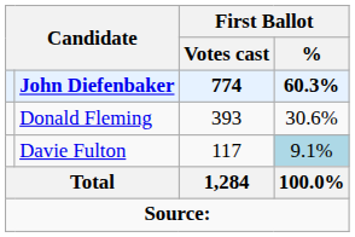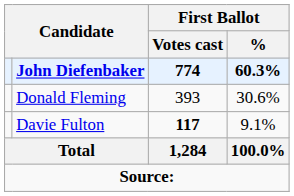 <table class="wikitable">
 <tr>
 <th rowspan="2" colspan="2">Candidate</th>
 <th colspan = "2">First Ballot</th>
 </tr>
 <tr>
 <th>Votes cast</th>
 <th>%</th>
 </tr>
 <tr style="background:#E6F2FF">
 <td></td>
 <td><strong><a href='#'>John Diefenbaker</a></strong></td>
 <td align = "center"><strong>774</strong></td>
 <td align = "center"><strong>60.3%</strong></td>
 </tr>
 <tr>
 <td></td>
 <td><a href='#'>Donald Fleming</a></td>
 <td align = "center">393</td>
 <td align = "center">30.6%</td>
 </tr>
 <tr>
 <td></td>
 <td><a href='#'>Davie Fulton</a></td>
-<td align = "center">117</td>
-<td align = "center" style="background: lightblue;">9.1%</td>
+<td align = "center"><strong>117</strong></td>
+<td align = "center">9.1%</td>
 </tr>
 <tr>
 <th colspan = "2">Total</th>
 <th align = "center">1,284</th>
 <th align = "center">100.0%</th>
 </tr>
 <tr>
 <td align="center" colspan=12><strong>Source:</strong>  </td>
 </tr>
 </table>
